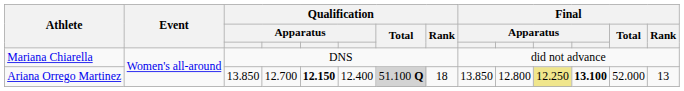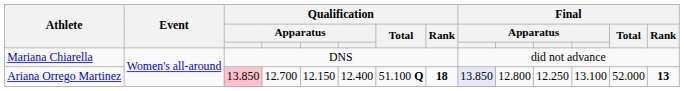 <table class="wikitable" style="font-size:90%">
 <tr>
 <th rowspan=3>Athlete</th>
 <th rowspan=3>Event</th>
 <th colspan=6>Qualification</th>
 <th colspan=6>Final</th>
 </tr>
 <tr style="font-size:95%">
 <th colspan=4>Apparatus</th>
 <th rowspan=2>Total</th>
 <th rowspan=2>Rank</th>
 <th colspan=4>Apparatus</th>
 <th rowspan=2>Total</th>
 <th rowspan=2>Rank</th>
 </tr>
 <tr style="font-size:95%">
 <th></th>
 <th></th>
 <th></th>
 <th></th>
 <th></th>
 <th></th>
 <th></th>
 <th></th>
 </tr>
 <tr align=center>
 <td align=left><a href='#'>Mariana Chiarella</a></td>
 <td style="text-align:left;" rowspan="2"><a href='#'>Women's all-around</a></td>
 <td colspan="6">DNS</td>
 <td colspan="6">did not advance</td>
 </tr>
 <tr align=center>
 <td align=left><a href='#'>Ariana Orrego Martinez</a></td>
-<td>13.850</td>
+<td style="background: pink;">13.850</td>
 <td>12.700</td>
-<td><strong>12.150</strong></td>
+<td>12.150</td>
 <td>12.400</td>
-<td style="background: lightgrey;">51.100 <strong>Q</strong></td>
-<td>18</td>
-<td>13.850</td>
+<td>51.100 <strong>Q</strong></td>
+<td><strong>18</strong></td>
+<td style="background: lavender;">13.850</td>
 <td>12.800</td>
-<td style="background: khaki;">12.250</td>
-<td><strong>13.100</strong></td>
+<td>12.250</td>
+<td>13.100</td>
 <td>52.000</td>
-<td>13</td>
+<td><strong>13</strong></td>
 </tr>
 </table>
